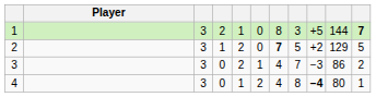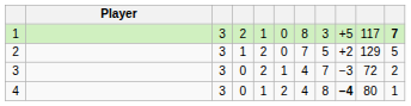 <table class="wikitable" style="text-align:center; margin: 1em auto 1em auto, align:left">
 <tr>
 <th width=20></th>
 <th width=240>Player</th>
 <th width=20></th>
 <th width=20></th>
 <th width=20></th>
 <th width=20></th>
 <th width=20></th>
 <th width=20></th>
 <th width=20></th>
 <th width=30></th>
 <th width=20></th>
 </tr>
 <tr style="background:#D0F0C0;">
 <td>1</td>
 <td align=left></td>
 <td>3</td>
 <td>2</td>
 <td>1</td>
 <td>0</td>
 <td>8</td>
 <td>3</td>
 <td>+5</td>
-<td>144</td>
+<td>117</td>
 <td><strong>7</strong></td>
 </tr>
 <tr style=>
 <td>2</td>
 <td align=left></td>
 <td>3</td>
 <td>1</td>
 <td>2</td>
 <td>0</td>
-<td><strong>7</strong></td>
+<td>7</td>
 <td>5</td>
 <td>+2</td>
 <td>129</td>
 <td>5</td>
 </tr>
 <tr style=>
 <td>3</td>
 <td align=left></td>
 <td>3</td>
 <td>0</td>
 <td>2</td>
 <td>1</td>
 <td>4</td>
 <td>7</td>
 <td>−3</td>
-<td>86</td>
+<td>72</td>
 <td>2</td>
 </tr>
 <tr style=>
 <td>4</td>
 <td align=left></td>
 <td>3</td>
 <td>0</td>
 <td>1</td>
 <td>2</td>
 <td>4</td>
 <td>8</td>
 <td><strong>−4</strong></td>
 <td>80</td>
 <td>1</td>
 </tr>
 </table>
